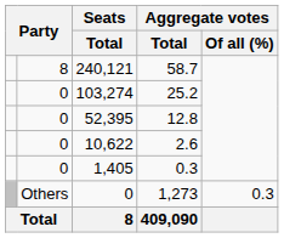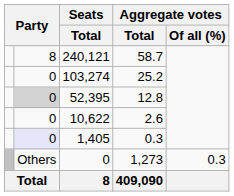 <table class="wikitable" style="text-align:right; font-size:95%;">
 <tr>
 <th colspan="2" rowspan="2">Party</th>
 <th>Seats</th>
 <th colspan="2">Aggregate votes</th>
 </tr>
 <tr>
 <th>Total</th>
 <th>Total</th>
 <th>Of all (%)</th>
 </tr>
 <tr>
 <td></td>
 <td>8</td>
 <td>240,121</td>
 <td>58.7</td>
 </tr>
 <tr>
 <td></td>
 <td>0</td>
 <td>103,274</td>
 <td>25.2</td>
 </tr>
 <tr>
 <td></td>
-<td>0</td>
+<td style="background: lightgrey;">0</td>
 <td>52,395</td>
 <td>12.8</td>
 </tr>
 <tr>
 <td></td>
 <td>0</td>
 <td>10,622</td>
 <td>2.6</td>
 </tr>
 <tr>
 <td></td>
-<td>0</td>
+<td style="background: lavender;">0</td>
 <td>1,405</td>
 <td>0.3</td>
 </tr>
 <tr>
 <td style="background:silver;"> </td>
 <td align=left>Others</td>
 <td>0</td>
 <td>1,273</td>
 <td>0.3</td>
 </tr>
 <tr>
 <th colspan="2" style="background:#f2f2f2"><strong>Total</strong></th>
 <td style="background:#f2f2f2;"><strong>8</strong></td>
 <td style="background:#f2f2f2;"><strong>409,090</strong></td>
 <td style="background:#f2f2f2;"></td>
 </tr>
 </table>
